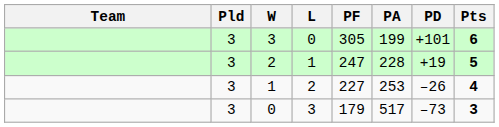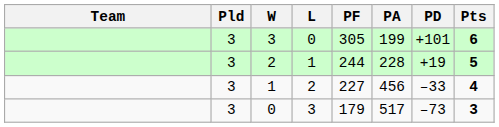 <table class=wikitable style="text-align:center">
 <tr>
 <th width=180>Team</th>
 <th width=30>Pld</th>
 <th width=30>W</th>
 <th width=30>L</th>
 <th width=30>PF</th>
 <th width=30>PA</th>
 <th width=30>PD</th>
 <th width=30>Pts</th>
 </tr>
 <tr bgcolor="#ccffcc">
 <td align="left"></td>
 <td>3</td>
 <td>3</td>
 <td>0</td>
 <td>305</td>
 <td>199</td>
 <td>+101</td>
 <td><strong>6</strong></td>
 </tr>
 <tr bgcolor="#ccffcc">
 <td align="left"></td>
 <td>3</td>
 <td>2</td>
 <td>1</td>
-<td>247</td>
+<td>244</td>
 <td>228</td>
 <td>+19</td>
 <td><strong>5</strong></td>
 </tr>
 <tr>
 <td align="left"></td>
 <td>3</td>
 <td>1</td>
 <td>2</td>
 <td>227</td>
-<td>253</td>
-<td>–26</td>
+<td>456</td>
+<td>–33</td>
 <td><strong>4</strong></td>
 </tr>
 <tr>
 <td align="left"></td>
 <td>3</td>
 <td>0</td>
 <td>3</td>
 <td>179</td>
 <td>517</td>
 <td>–73</td>
 <td><strong>3</strong></td>
 </tr>
 </table>
